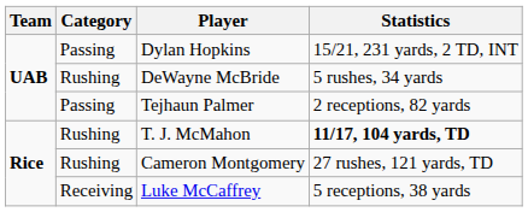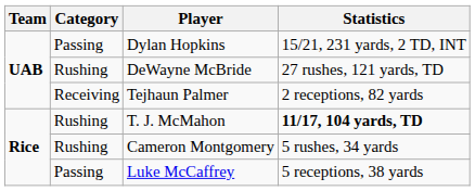 <table class="wikitable" style="float: left;">
 <tr>
 <th>Team</th>
 <th>Category</th>
 <th>Player</th>
 <th>Statistics</th>
 </tr>
 <tr>
 <td rowspan=3><strong>UAB</strong></td>
 <td>Passing</td>
 <td>Dylan Hopkins</td>
 <td>15/21, 231 yards, 2 TD, INT</td>
 </tr>
 <tr>
 <td>Rushing</td>
 <td>DeWayne McBride</td>
-<td>5 rushes, 34 yards</td>
+<td>27 rushes, 121 yards, TD</td>
 </tr>
 <tr>
-<td>Passing</td>
+<td>Receiving</td>
 <td>Tejhaun Palmer</td>
 <td>2 receptions, 82 yards</td>
 </tr>
 <tr>
 <td rowspan=3><strong>Rice</strong></td>
 <td>Rushing</td>
 <td>T. J. McMahon</td>
 <td><strong>11/17, 104 yards, TD</strong></td>
 </tr>
 <tr>
 <td>Rushing</td>
 <td>Cameron Montgomery</td>
-<td>27 rushes, 121 yards, TD</td>
+<td>5 rushes, 34 yards</td>
 </tr>
 <tr>
-<td>Receiving</td>
+<td>Passing</td>
 <td><a href='#'>Luke McCaffrey</a></td>
 <td>5 receptions, 38 yards</td>
 </tr>
 </table>
